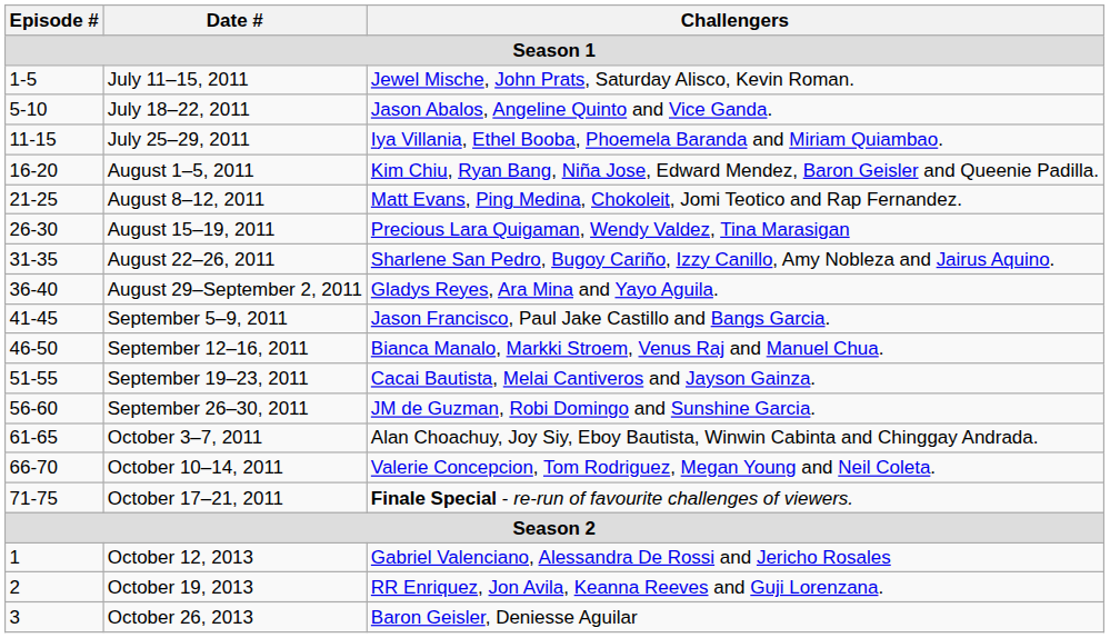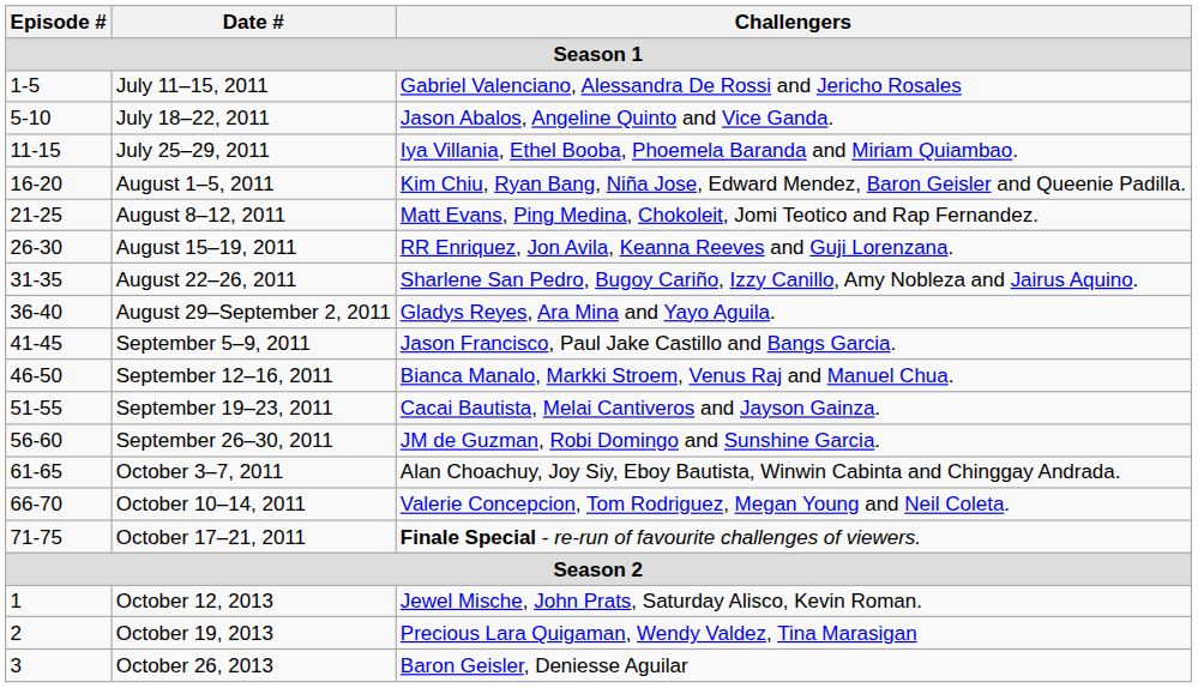 <table class="wikitable" style="font-size: 90%;">
 <tr>
 <th>Episode #</th>
 <th>Date #</th>
 <th>Challengers</th>
 </tr>
 <tr>
 <th colspan=5 style="background-color:#DDD">Season 1</th>
 </tr>
 <tr>
 <td height="10">1-5</td>
 <td>July 11–15, 2011</td>
-<td><a href='#'>Jewel Mische</a>, <a href='#'>John Prats</a>, Saturday Alisco, Kevin Roman.</td>
+<td><a href='#'>Gabriel Valenciano</a>, <a href='#'>Alessandra De Rossi</a> and <a href='#'>Jericho Rosales</a></td>
 </tr>
 <tr>
 <td height="10">5-10</td>
 <td>July 18–22, 2011</td>
 <td><a href='#'>Jason Abalos</a>, <a href='#'>Angeline Quinto</a> and <a href='#'>Vice Ganda</a>.</td>
 </tr>
 <tr>
 <td height="10">11-15</td>
 <td>July 25–29, 2011</td>
 <td><a href='#'>Iya Villania</a>, <a href='#'>Ethel Booba</a>, <a href='#'>Phoemela Baranda</a> and <a href='#'>Miriam Quiambao</a>.</td>
 </tr>
 <tr>
 <td height="10">16-20</td>
 <td>August 1–5, 2011</td>
 <td><a href='#'>Kim Chiu</a>, <a href='#'>Ryan Bang</a>, <a href='#'>Niña Jose</a>, Edward Mendez, <a href='#'>Baron Geisler</a> and Queenie Padilla.</td>
 </tr>
 <tr>
 <td height="10">21-25</td>
 <td>August 8–12, 2011</td>
 <td><a href='#'>Matt Evans</a>, <a href='#'>Ping Medina</a>, <a href='#'>Chokoleit</a>, Jomi Teotico and Rap Fernandez.</td>
 </tr>
 <tr>
 <td height="10">26-30</td>
 <td>August 15–19, 2011</td>
-<td><a href='#'>Precious Lara Quigaman</a>, <a href='#'>Wendy Valdez</a>, <a href='#'>Tina Marasigan</a></td>
+<td><a href='#'>RR Enriquez</a>, <a href='#'>Jon Avila</a>, <a href='#'>Keanna Reeves</a> and <a href='#'>Guji Lorenzana</a>.</td>
 </tr>
 <tr>
 <td height="10">31-35</td>
 <td>August 22–26, 2011</td>
 <td><a href='#'>Sharlene San Pedro</a>, <a href='#'>Bugoy Cariño</a>, <a href='#'>Izzy Canillo</a>, Amy Nobleza and <a href='#'>Jairus Aquino</a>.</td>
 </tr>
 <tr>
 <td height="10">36-40</td>
 <td>August 29–September 2, 2011</td>
 <td><a href='#'>Gladys Reyes</a>, <a href='#'>Ara Mina</a> and <a href='#'>Yayo Aguila</a>.</td>
 </tr>
 <tr>
 <td height="10">41-45</td>
 <td>September 5–9, 2011</td>
 <td><a href='#'>Jason Francisco</a>, Paul Jake Castillo and <a href='#'>Bangs Garcia</a>.</td>
 </tr>
 <tr>
 <td height="10">46-50</td>
 <td>September 12–16, 2011</td>
 <td><a href='#'>Bianca Manalo</a>, <a href='#'>Markki Stroem</a>, <a href='#'>Venus Raj</a> and <a href='#'>Manuel Chua</a>.</td>
 </tr>
 <tr>
 <td height="10">51-55</td>
 <td>September 19–23, 2011</td>
 <td><a href='#'>Cacai Bautista</a>, <a href='#'>Melai Cantiveros</a> and <a href='#'>Jayson Gainza</a>.</td>
 </tr>
 <tr>
 <td height="10">56-60</td>
 <td>September 26–30, 2011</td>
 <td><a href='#'>JM de Guzman</a>, <a href='#'>Robi Domingo</a> and <a href='#'>Sunshine Garcia</a>.</td>
 </tr>
 <tr>
 <td height="10">61-65</td>
 <td>October 3–7, 2011</td>
 <td>Alan Choachuy, Joy Siy, Eboy Bautista, Winwin Cabinta and Chinggay Andrada.</td>
 </tr>
 <tr>
 <td height="10">66-70</td>
 <td>October 10–14, 2011</td>
 <td><a href='#'>Valerie Concepcion</a>, <a href='#'>Tom Rodriguez</a>, <a href='#'>Megan Young</a> and <a href='#'>Neil Coleta</a>.</td>
 </tr>
 <tr>
 <td height="10">71-75</td>
 <td>October 17–21, 2011</td>
 <td><strong>Finale Special</strong> - <em>re-run of favourite challenges of viewers.</em></td>
 </tr>
 <tr>
 <th colspan=5 style="background-color:#DDD">Season 2</th>
 </tr>
 <tr>
 <td height="10">1</td>
 <td>October 12, 2013</td>
-<td><a href='#'>Gabriel Valenciano</a>, <a href='#'>Alessandra De Rossi</a> and <a href='#'>Jericho Rosales</a></td>
+<td><a href='#'>Jewel Mische</a>, <a href='#'>John Prats</a>, Saturday Alisco, Kevin Roman.</td>
 </tr>
 <tr>
 <td height="10">2</td>
 <td>October 19, 2013</td>
-<td><a href='#'>RR Enriquez</a>, <a href='#'>Jon Avila</a>, <a href='#'>Keanna Reeves</a> and <a href='#'>Guji Lorenzana</a>.</td>
+<td><a href='#'>Precious Lara Quigaman</a>, <a href='#'>Wendy Valdez</a>, <a href='#'>Tina Marasigan</a></td>
 </tr>
 <tr>
 <td height="10">3</td>
 <td>October 26, 2013</td>
 <td><a href='#'>Baron Geisler</a>, Deniesse Aguilar</td>
 </tr>
 </table>
